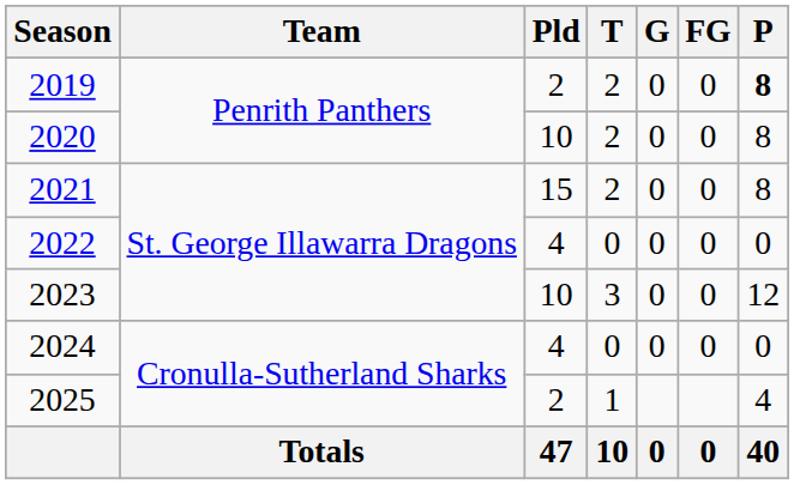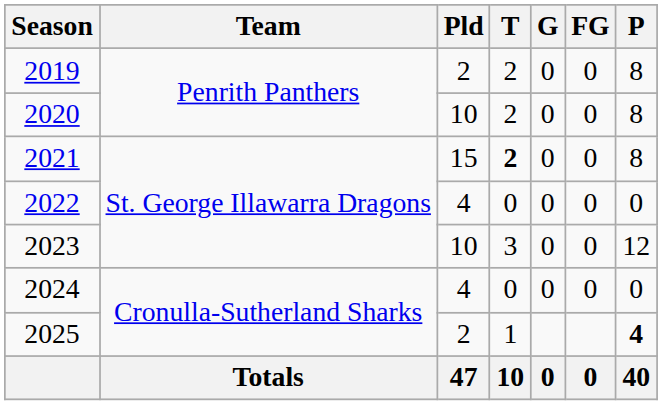 <table class="wikitable" style="border-collapse:collapse;text-align:center">
 <tr>
 <th>Season</th>
 <th>Team</th>
 <th>Pld</th>
 <th>T</th>
 <th>G</th>
 <th>FG</th>
 <th>P</th>
 </tr>
 <tr>
 <td><a href='#'>2019</a></td>
 <td rowspan="2"> <a href='#'>Penrith Panthers</a></td>
 <td>2</td>
 <td>2</td>
 <td>0</td>
 <td>0</td>
-<td><strong>8</strong></td>
+<td>8</td>
 </tr>
 <tr>
 <td><a href='#'>2020</a></td>
 <td>10</td>
 <td>2</td>
 <td>0</td>
 <td>0</td>
 <td>8</td>
 </tr>
 <tr>
 <td><a href='#'>2021</a></td>
 <td rowspan="3"> <a href='#'>St. George Illawarra Dragons</a></td>
 <td>15</td>
-<td>2</td>
+<td><strong>2</strong></td>
 <td>0</td>
 <td>0</td>
 <td>8</td>
 </tr>
 <tr>
 <td><a href='#'>2022</a></td>
 <td>4</td>
 <td>0</td>
 <td>0</td>
 <td>0</td>
 <td>0</td>
 </tr>
 <tr>
 <td>2023</td>
 <td>10</td>
 <td>3</td>
 <td>0</td>
 <td>0</td>
 <td>12</td>
 </tr>
 <tr>
 <td>2024</td>
 <td rowspan="2"> <a href='#'>Cronulla-Sutherland Sharks</a></td>
 <td>4</td>
 <td>0</td>
 <td>0</td>
 <td>0</td>
 <td>0</td>
 </tr>
 <tr>
 <td>2025</td>
 <td>2</td>
 <td>1</td>
 <td></td>
 <td></td>
-<td>4</td>
+<td><strong>4</strong></td>
 </tr>
 <tr>
 <th></th>
 <th>Totals</th>
 <th>47</th>
 <th>10</th>
 <th>0</th>
 <th>0</th>
 <th>40</th>
 </tr>
 </table>
